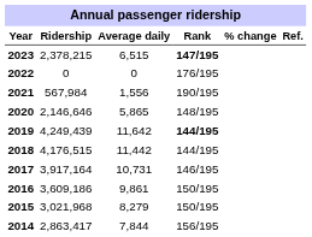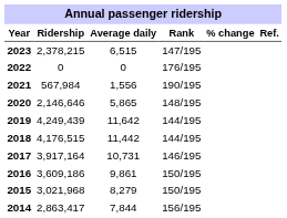 <table class="toccolours" cellpadding="4" cellspacing="0" style="text-align:right;">
 <tr>
 <th colspan="6"  style="background-color:#ccf; background-color:#ccf; font-size:110%; text-align:center;">Annual passenger ridership</th>
 </tr>
 <tr style="font-size:95%; text-align:center">
 <th style="border-bottom:1px solid black">Year</th>
 <th style="border-bottom:1px solid black">Ridership</th>
 <th style="border-bottom:1px solid black">Average daily</th>
 <th style="border-bottom:1px solid black">Rank</th>
 <th style="border-bottom:1px solid black">% change</th>
 <th style="border-bottom:1px solid black">Ref.</th>
 </tr>
 <tr style="text-align:center;">
 <td><strong>2023</strong></td>
 <td>2,378,215</td>
 <td>6,515</td>
-<td><strong>147/195</strong></td>
+<td>147/195</td>
 <td></td>
 <td></td>
 </tr>
 <tr style="text-align:center;">
 <td><strong>2022</strong></td>
 <td>0</td>
 <td>0</td>
 <td>176/195</td>
 <td></td>
 <td></td>
 </tr>
 <tr style="text-align:center;">
 <td><strong>2021</strong></td>
 <td>567,984</td>
 <td>1,556</td>
 <td>190/195</td>
 <td></td>
 <td></td>
 </tr>
 <tr style="text-align:center;">
 <td><strong>2020</strong></td>
 <td>2,146,646</td>
 <td>5,865</td>
 <td>148/195</td>
 <td></td>
 <td></td>
 </tr>
 <tr style="text-align:center;">
 <td><strong>2019</strong></td>
 <td>4,249,439</td>
 <td>11,642</td>
-<td><strong>144/195</strong></td>
+<td>144/195</td>
 <td></td>
 <td></td>
 </tr>
 <tr style="text-align:center;">
 <td><strong>2018</strong></td>
 <td>4,176,515</td>
 <td>11,442</td>
 <td>144/195</td>
 <td></td>
 <td></td>
 </tr>
 <tr style="text-align:center;">
 <td><strong>2017</strong></td>
 <td>3,917,164</td>
 <td>10,731</td>
 <td>146/195</td>
 <td></td>
 <td></td>
 </tr>
 <tr style="text-align:center;">
 <td><strong>2016</strong></td>
 <td>3,609,186</td>
 <td>9,861</td>
 <td>150/195</td>
 <td></td>
 <td></td>
 </tr>
 <tr style="text-align:center;">
 <td><strong>2015</strong></td>
 <td>3,021,968</td>
 <td>8,279</td>
 <td>150/195</td>
 <td></td>
 <td></td>
 </tr>
 <tr style="text-align:center;">
 <td><strong>2014</strong></td>
 <td>2,863,417</td>
 <td>7,844</td>
 <td>156/195</td>
 <td></td>
 <td></td>
 </tr>
 </table>
